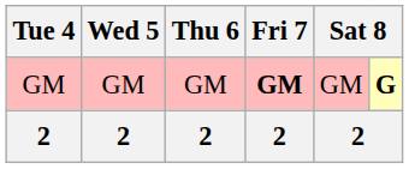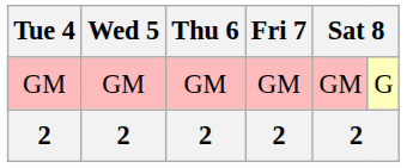 <table class="wikitable" style="margin:0.5em auto; line-height:1.5em;">
 <tr>
 <th>Tue 4</th>
 <th>Wed 5</th>
 <th>Thu 6</th>
 <th>Fri 7</th>
 <th colspan="2">Sat 8</th>
 </tr>
 <tr align=center>
 <td style="background-color:#FFBBBB;">GM</td>
 <td style="background-color:#FFBBBB;">GM</td>
 <td style="background-color:#FFBBBB;">GM</td>
-<td style="background-color:#FFBBBB;"><strong>GM</strong></td>
 <td style="background-color:#FFBBBB;">GM</td>
-<td style="background-color:#FFFFBB;"><strong>G</strong></td>
+<td style="background-color:#FFBBBB;">GM</td>
+<td style="background-color:#FFFFBB;">G</td>
 </tr>
 <tr>
 <th>2 </th>
 <th>2 </th>
 <th>2 </th>
 <th>2 </th>
 <th colspan="2">2 </th>
 </tr>
 </table>
